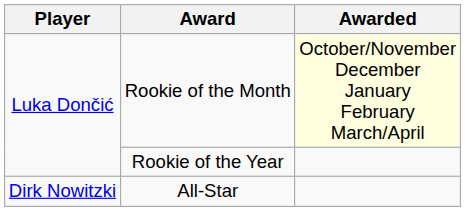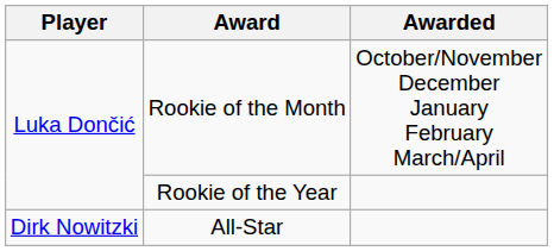 <table class="wikitable sortable">
 <tr>
 <th>Player</th>
 <th>Award</th>
 <th>Awarded</th>
 </tr>
 <tr style="text-align: center">
 <td rowspan=2><a href='#'>Luka Dončić</a></td>
 <td>Rookie of the Month</td>
-<td style="background: lightyellow;">October/November<br>December<br>January<br>February<br>March/April</td>
+<td>October/November<br>December<br>January<br>February<br>March/April</td>
 </tr>
 <tr style="text-align: center">
 <td>Rookie of the Year</td>
 <td></td>
 </tr>
 <tr style="text-align: center">
 <td><a href='#'>Dirk Nowitzki</a></td>
 <td>All-Star</td>
 <td></td>
 </tr>
 </table>
